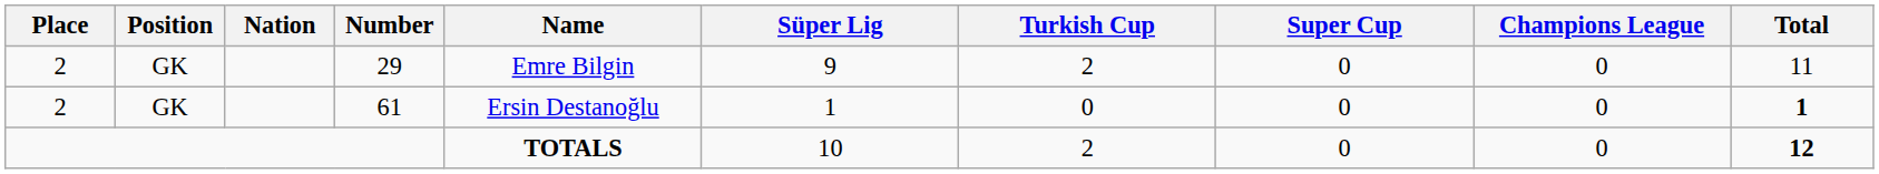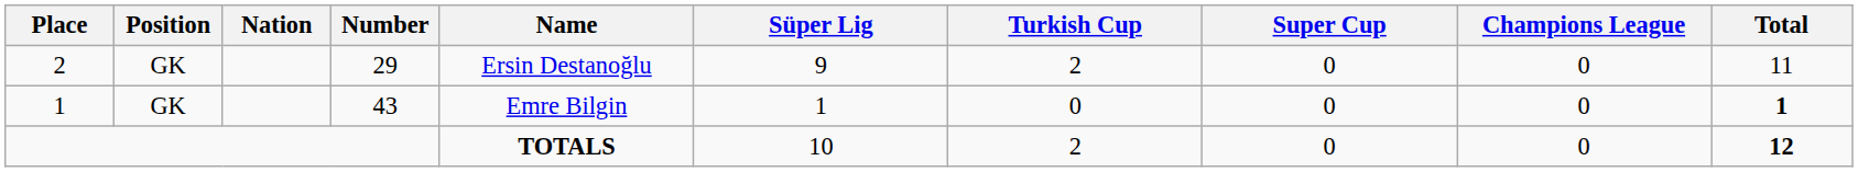 <table class="wikitable" style="font-size: 95%; text-align: center;">
 <tr>
 <th width=60>Place</th>
 <th width=60>Position</th>
 <th width=60>Nation</th>
 <th width=60>Number</th>
 <th width=150>Name</th>
 <th width=150><a href='#'>Süper Lig</a></th>
 <th width=150><a href='#'>Turkish Cup</a></th>
 <th width=150><a href='#'>Super Cup</a></th>
 <th width=150><a href='#'>Champions League</a></th>
 <th width=80><strong>Total</strong></th>
 </tr>
 <tr>
 <td>2</td>
 <td>GK</td>
 <td></td>
 <td>29</td>
-<td><a href='#'>Emre Bilgin</a></td>
+<td><a href='#'>Ersin Destanoğlu</a></td>
 <td>9</td>
 <td>2</td>
 <td>0</td>
 <td>0</td>
 <td>11</td>
 </tr>
 <tr>
-<td>2</td>
+<td>1</td>
 <td>GK</td>
 <td></td>
-<td>61</td>
-<td><a href='#'>Ersin Destanoğlu</a></td>
+<td>43</td>
+<td><a href='#'>Emre Bilgin</a></td>
 <td>1</td>
 <td>0</td>
 <td>0</td>
 <td>0</td>
 <td><strong>1</strong></td>
 </tr>
 <tr>
 <td colspan="4"></td>
 <td><strong>TOTALS</strong></td>
 <td>10</td>
 <td>2</td>
 <td>0</td>
 <td>0</td>
 <td><strong>12</strong></td>
 </tr>
 </table>
